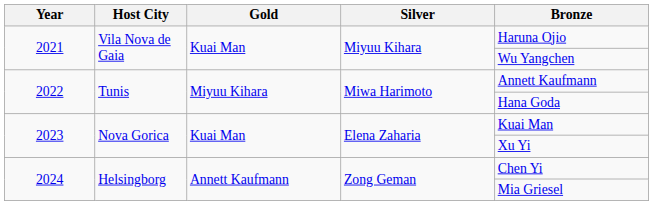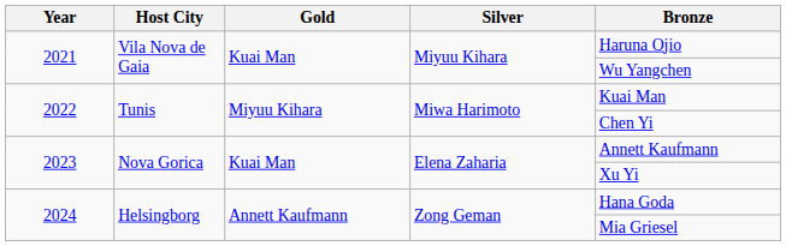 <table class="wikitable" style="text-align: left; width: 750px;">
 <tr>
 <th width="100">Year</th>
 <th width="100">Host City</th>
 <th width="175">Gold</th>
 <th width="175">Silver</th>
 <th width="175">Bronze</th>
 </tr>
 <tr>
 <td rowspan=2 style="text-align: center;"><a href='#'>2021</a></td>
 <td rowspan=2><a href='#'>Vila Nova de Gaia</a></td>
 <td rowspan=2> <a href='#'>Kuai Man</a></td>
 <td rowspan=2> <a href='#'>Miyuu Kihara</a></td>
 <td> <a href='#'>Haruna Ojio</a></td>
 </tr>
 <tr>
 <td> <a href='#'>Wu Yangchen</a></td>
 </tr>
 <tr>
 <td rowspan=2 style="text-align: center;"><a href='#'>2022</a></td>
 <td rowspan=2><a href='#'>Tunis</a></td>
 <td rowspan=2> <a href='#'>Miyuu Kihara</a></td>
 <td rowspan=2> <a href='#'>Miwa Harimoto</a></td>
-<td> <a href='#'>Annett Kaufmann</a></td>
+<td> <a href='#'>Kuai Man</a></td>
 </tr>
 <tr>
-<td> <a href='#'>Hana Goda</a></td>
+<td> <a href='#'>Chen Yi</a></td>
 </tr>
 <tr>
 <td rowspan=2 style="text-align: center;"><a href='#'>2023</a></td>
 <td rowspan=2><a href='#'>Nova Gorica</a></td>
 <td rowspan=2> <a href='#'>Kuai Man</a></td>
 <td rowspan=2> <a href='#'>Elena Zaharia</a></td>
-<td> <a href='#'>Kuai Man</a></td>
+<td> <a href='#'>Annett Kaufmann</a></td>
 </tr>
 <tr>
 <td> <a href='#'>Xu Yi</a></td>
 </tr>
 <tr>
 <td rowspan=2 style="text-align: center;"><a href='#'>2024</a></td>
 <td rowspan=2><a href='#'>Helsingborg</a></td>
 <td rowspan=2> <a href='#'>Annett Kaufmann</a></td>
 <td rowspan=2> <a href='#'>Zong Geman</a></td>
-<td> <a href='#'>Chen Yi</a></td>
+<td> <a href='#'>Hana Goda</a></td>
 </tr>
 <tr>
 <td> <a href='#'>Mia Griesel</a></td>
 </tr>
 </table>
